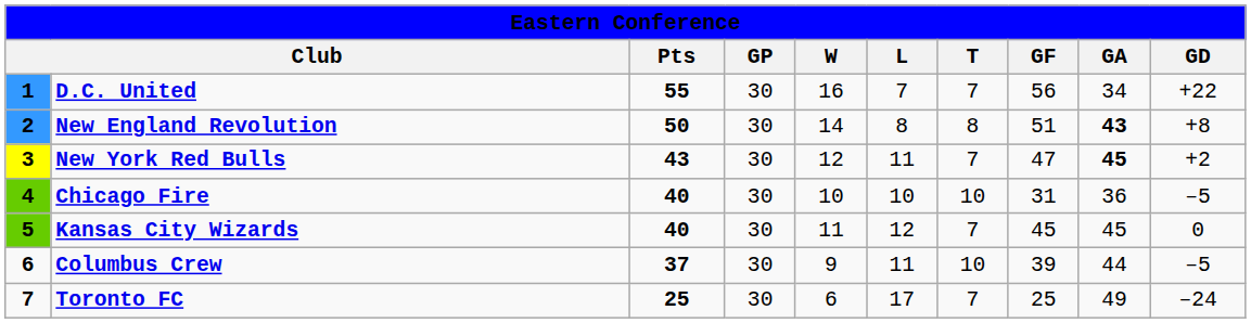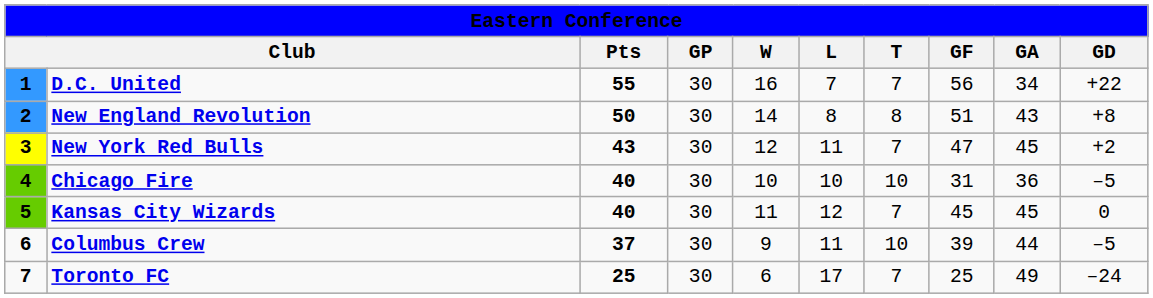 <table class="wikitable" width=60%>
 <tr>
 <td colspan=10 align=center bgcolor=blue><span><strong>Eastern Conference</strong></span></td>
 </tr>
 <tr>
 <th colspan="2">Club</th>
 <th>Pts</th>
 <th>GP</th>
 <th>W</th>
 <th>L</th>
 <th>T</th>
 <th>GF</th>
 <th>GA</th>
 <th>GD</th>
 </tr>
 <tr>
 <td bgcolor=#3399FF align=center><strong>1</strong></td>
 <td><strong><a href='#'>D.C. United</a></strong></td>
 <td align=center><strong>55</strong></td>
 <td align=center>30</td>
 <td align=center>16</td>
 <td align=center>7</td>
 <td align=center>7</td>
 <td align=center>56</td>
 <td align=center>34</td>
 <td align=center>+22</td>
 </tr>
 <tr>
 <td bgcolor=#3399FF align=center><strong>2</strong></td>
 <td><strong><a href='#'>New England Revolution</a></strong></td>
 <td align=center><strong>50</strong></td>
 <td align=center>30</td>
 <td align=center>14</td>
 <td align=center>8</td>
 <td align=center>8</td>
 <td align=center>51</td>
-<td align=center><strong>43</strong></td>
+<td align=center>43</td>
 <td align=center>+8</td>
 </tr>
 <tr>
 <td bgcolor=#FFFF00 align=center><strong>3</strong></td>
 <td><strong><a href='#'>New York Red Bulls</a></strong></td>
 <td align=center><strong>43</strong></td>
 <td align=center>30</td>
 <td align=center>12</td>
 <td align=center>11</td>
 <td align=center>7</td>
 <td align=center>47</td>
-<td align=center><strong>45</strong></td>
+<td align=center>45</td>
 <td align=center>+2</td>
 </tr>
 <tr>
 <td bgcolor=#66CC00 align=center><strong>4</strong></td>
 <td><strong><a href='#'>Chicago Fire</a></strong></td>
 <td align=center><strong>40</strong></td>
 <td align=center>30</td>
 <td align=center>10</td>
 <td align=center>10</td>
 <td align=center>10</td>
 <td align=center>31</td>
 <td align=center>36</td>
 <td align=center>–5</td>
 </tr>
 <tr>
 <td bgcolor=#66CC00 align=center><strong>5</strong></td>
 <td><strong><a href='#'>Kansas City Wizards</a></strong></td>
 <td align=center><strong>40</strong></td>
 <td align=center>30</td>
 <td align=center>11</td>
 <td align=center>12</td>
 <td align=center>7</td>
 <td align=center>45</td>
 <td align=center>45</td>
 <td align=center>0</td>
 </tr>
 <tr>
 <td align=center><strong>6</strong></td>
 <td><strong><a href='#'>Columbus Crew</a></strong></td>
 <td align=center><strong>37</strong></td>
 <td align=center>30</td>
 <td align=center>9</td>
 <td align=center>11</td>
 <td align=center>10</td>
 <td align=center>39</td>
 <td align=center>44</td>
 <td align=center>–5</td>
 </tr>
 <tr>
 <td align=center><strong>7</strong></td>
 <td><strong><a href='#'>Toronto FC</a></strong></td>
 <td align=center><strong>25</strong></td>
 <td align=center>30</td>
 <td align=center>6</td>
 <td align=center>17</td>
 <td align=center>7</td>
 <td align=center>25</td>
 <td align=center>49</td>
 <td align=center>–24</td>
 </tr>
 </table>
